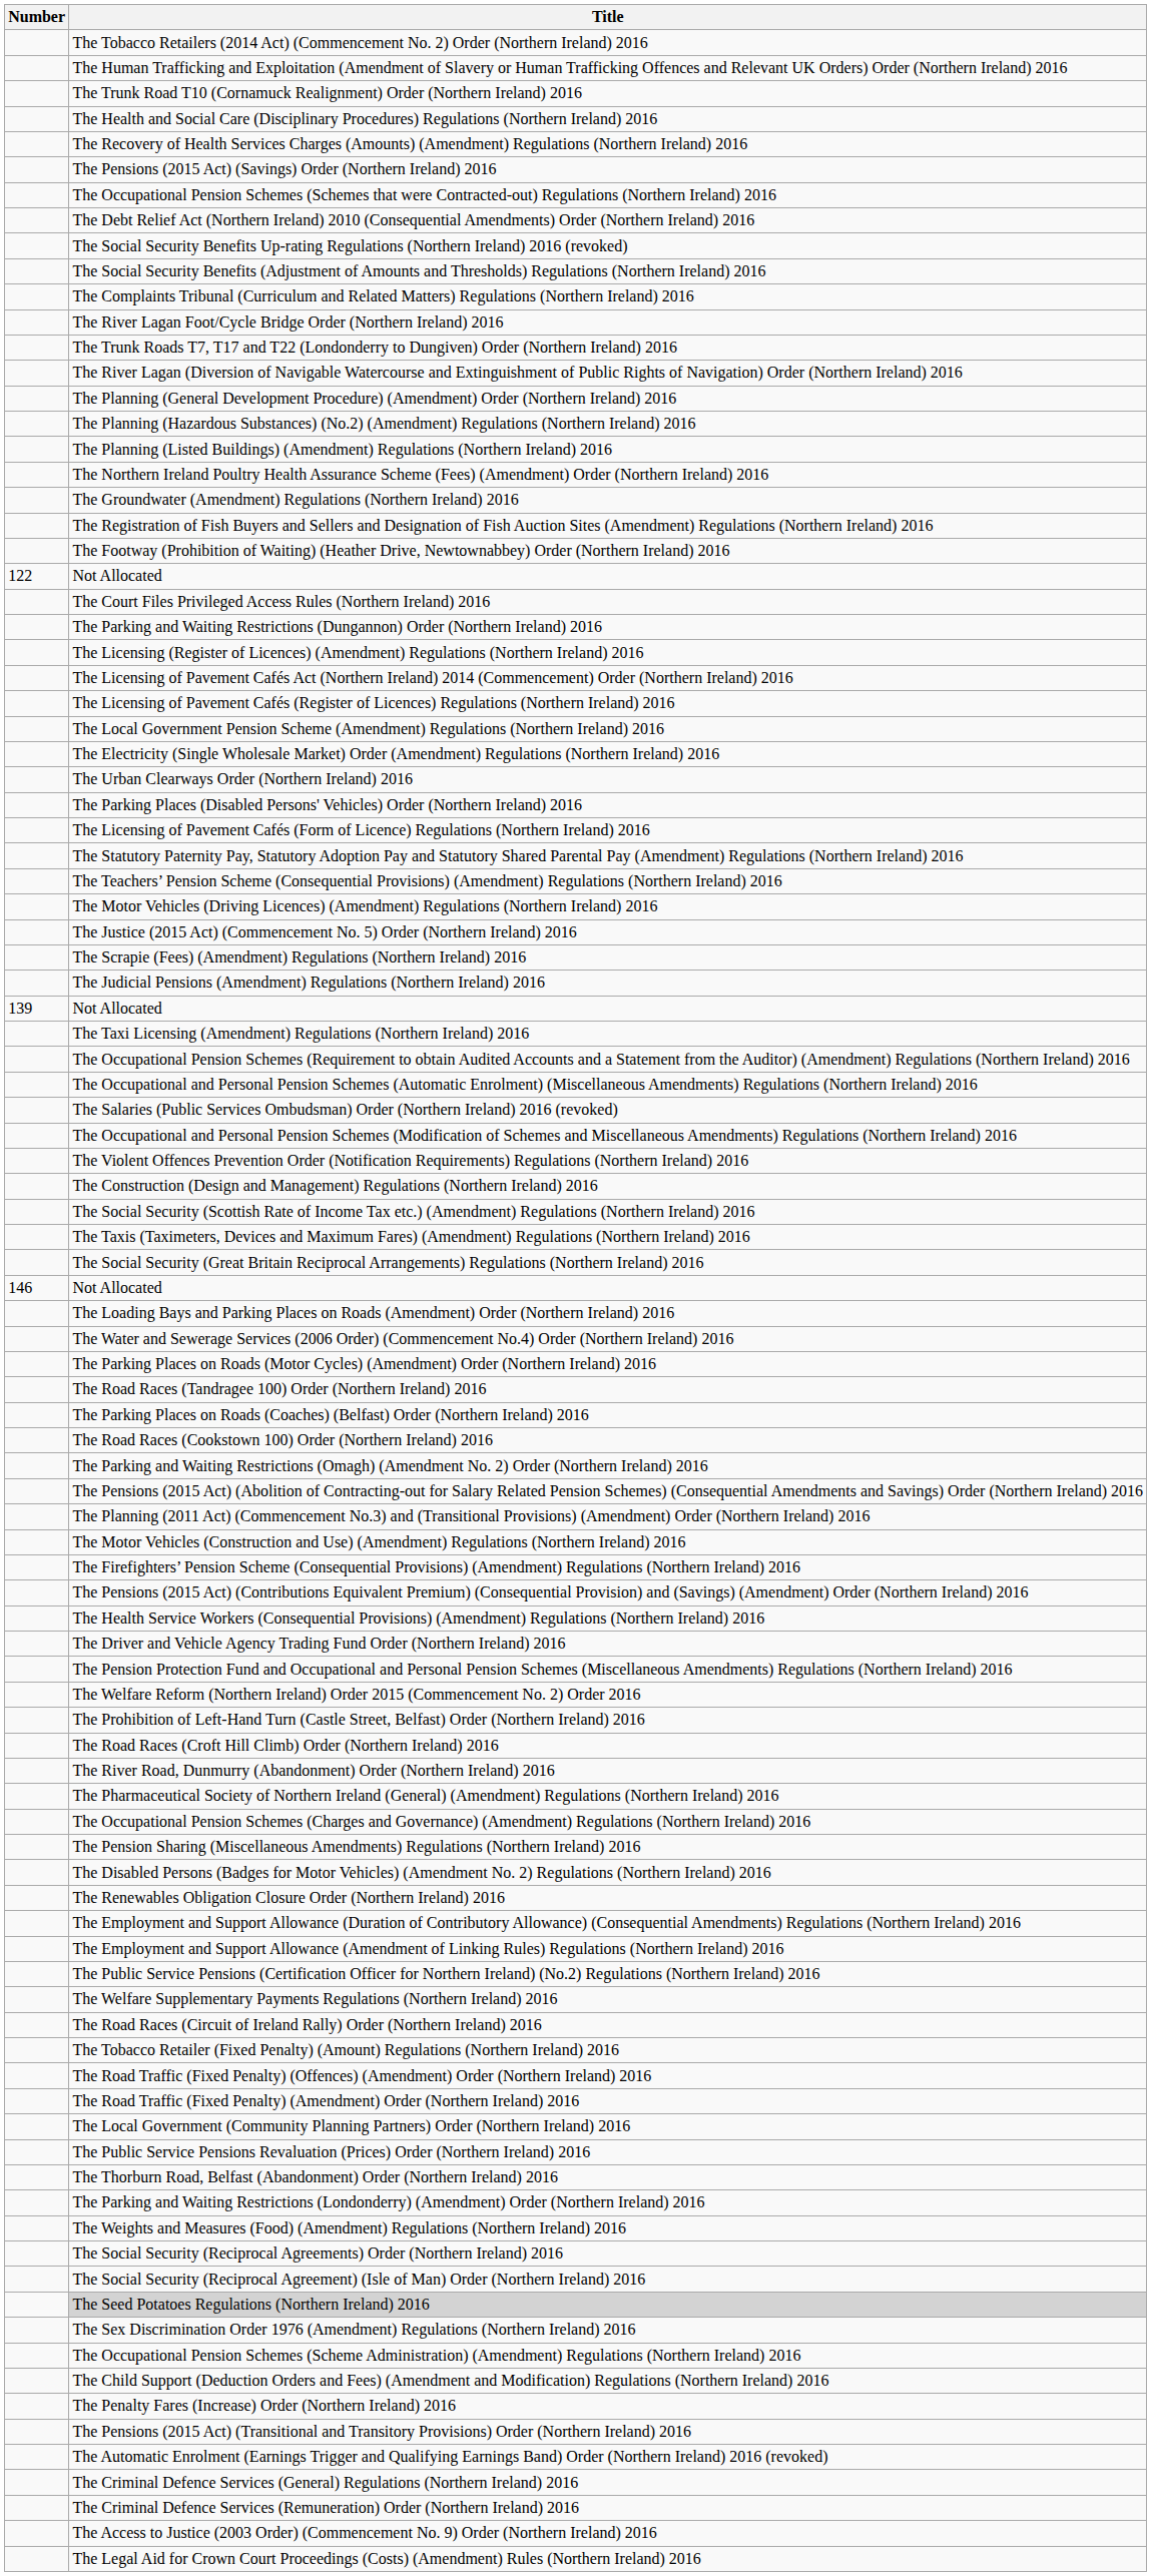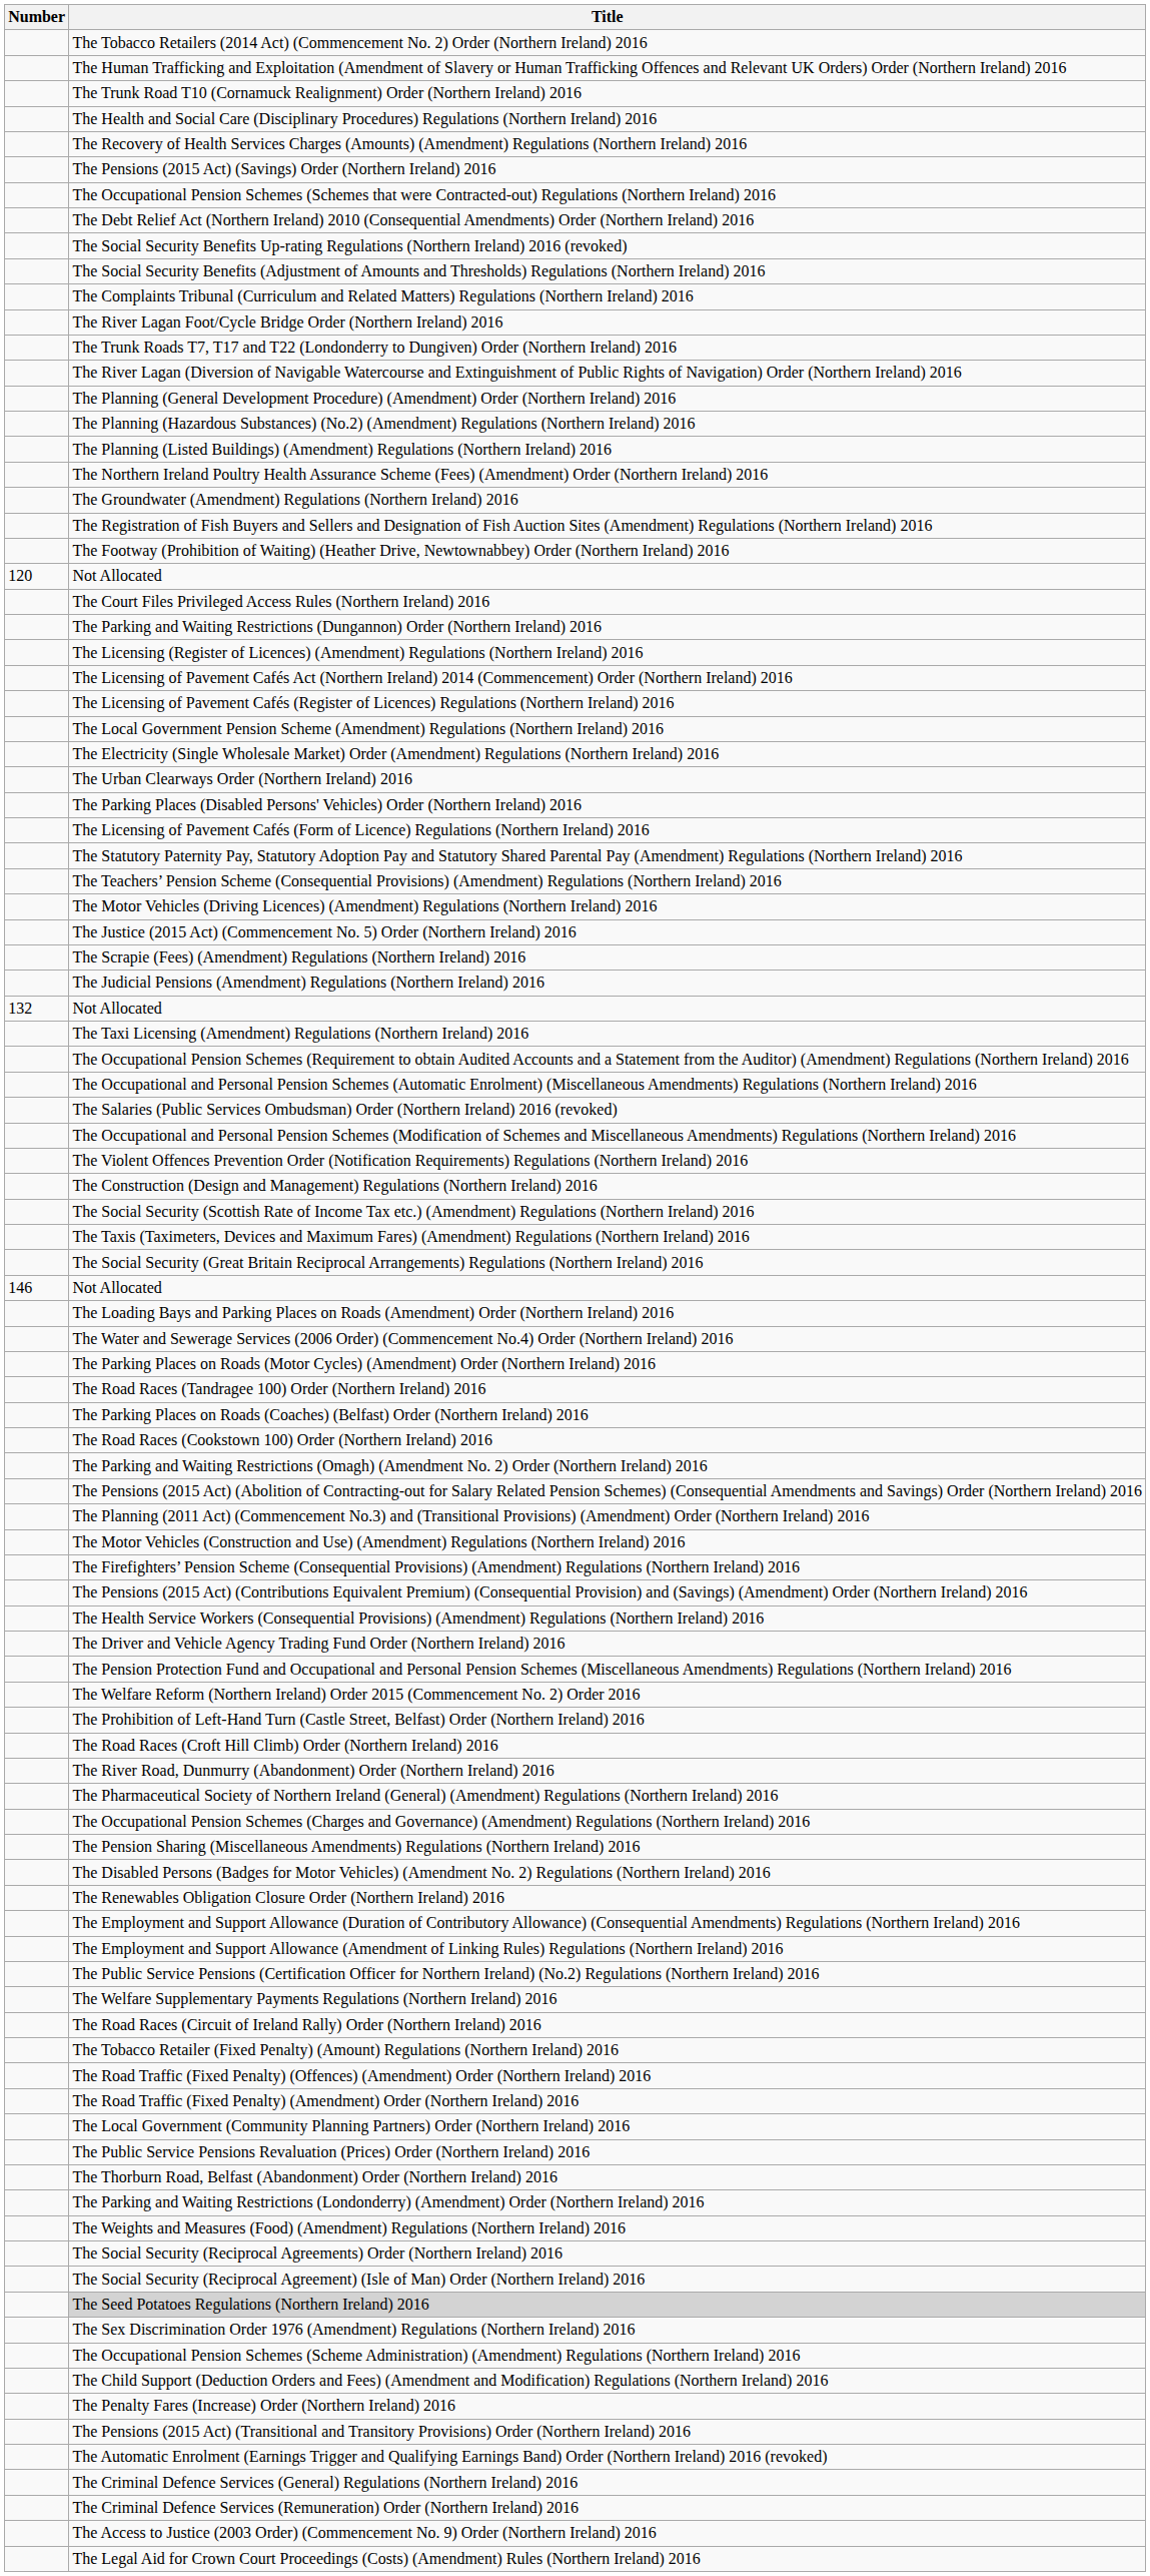 <table class="wikitable collapsible">
 <tr>
 <th>Number</th>
 <th>Title</th>
 </tr>
 <tr>
 <td></td>
 <td>The Tobacco Retailers (2014 Act) (Commencement No. 2) Order (Northern Ireland) 2016</td>
 </tr>
 <tr>
 <td></td>
 <td>The Human Trafficking and Exploitation (Amendment of Slavery or Human Trafficking Offences and Relevant UK Orders) Order (Northern Ireland) 2016</td>
 </tr>
 <tr>
 <td></td>
 <td>The Trunk Road T10 (Cornamuck Realignment) Order (Northern Ireland) 2016</td>
 </tr>
 <tr>
 <td></td>
 <td>The Health and Social Care (Disciplinary Procedures) Regulations (Northern Ireland) 2016</td>
 </tr>
 <tr>
 <td></td>
 <td>The Recovery of Health Services Charges (Amounts) (Amendment) Regulations (Northern Ireland) 2016</td>
 </tr>
 <tr>
 <td></td>
 <td>The Pensions (2015 Act) (Savings) Order (Northern Ireland) 2016</td>
 </tr>
 <tr>
 <td></td>
 <td>The Occupational Pension Schemes (Schemes that were Contracted-out) Regulations (Northern Ireland) 2016</td>
 </tr>
 <tr>
 <td></td>
 <td>The Debt Relief Act (Northern Ireland) 2010 (Consequential Amendments) Order (Northern Ireland) 2016</td>
 </tr>
 <tr>
 <td></td>
 <td>The Social Security Benefits Up-rating Regulations (Northern Ireland) 2016 (revoked)</td>
 </tr>
 <tr>
 <td></td>
 <td>The Social Security Benefits (Adjustment of Amounts and Thresholds) Regulations (Northern Ireland) 2016</td>
 </tr>
 <tr>
 <td></td>
 <td>The Complaints Tribunal (Curriculum and Related Matters) Regulations (Northern Ireland) 2016</td>
 </tr>
 <tr>
 <td></td>
 <td>The River Lagan Foot/Cycle Bridge Order (Northern Ireland) 2016</td>
 </tr>
 <tr>
 <td></td>
 <td>The Trunk Roads T7, T17 and T22 (Londonderry to Dungiven) Order (Northern Ireland) 2016</td>
 </tr>
 <tr>
 <td></td>
 <td>The River Lagan (Diversion of Navigable Watercourse and Extinguishment of Public Rights of Navigation) Order (Northern Ireland) 2016</td>
 </tr>
 <tr>
 <td></td>
 <td>The Planning (General Development Procedure) (Amendment) Order (Northern Ireland) 2016</td>
 </tr>
 <tr>
 <td></td>
 <td>The Planning (Hazardous Substances) (No.2) (Amendment) Regulations (Northern Ireland) 2016</td>
 </tr>
 <tr>
 <td></td>
 <td>The Planning (Listed Buildings) (Amendment) Regulations (Northern Ireland) 2016</td>
 </tr>
 <tr>
 <td></td>
 <td>The Northern Ireland Poultry Health Assurance Scheme (Fees) (Amendment) Order (Northern Ireland) 2016</td>
 </tr>
 <tr>
 <td></td>
 <td>The Groundwater (Amendment) Regulations (Northern Ireland) 2016</td>
 </tr>
 <tr>
 <td></td>
 <td>The Registration of Fish Buyers and Sellers and Designation of Fish Auction Sites (Amendment) Regulations (Northern Ireland) 2016</td>
 </tr>
 <tr>
 <td></td>
 <td>The Footway (Prohibition of Waiting) (Heather Drive, Newtownabbey) Order (Northern Ireland) 2016</td>
 </tr>
 <tr>
-<td>122</td>
+<td>120</td>
 <td>Not Allocated</td>
 </tr>
 <tr>
 <td></td>
 <td>The Court Files Privileged Access Rules (Northern Ireland) 2016</td>
 </tr>
 <tr>
 <td></td>
 <td>The Parking and Waiting Restrictions (Dungannon) Order (Northern Ireland) 2016</td>
 </tr>
 <tr>
 <td></td>
 <td>The Licensing (Register of Licences) (Amendment) Regulations (Northern Ireland) 2016</td>
 </tr>
 <tr>
 <td></td>
 <td>The Licensing of Pavement Cafés Act (Northern Ireland) 2014 (Commencement) Order (Northern Ireland) 2016</td>
 </tr>
 <tr>
 <td></td>
 <td>The Licensing of Pavement Cafés (Register of Licences) Regulations (Northern Ireland) 2016</td>
 </tr>
 <tr>
 <td></td>
 <td>The Local Government Pension Scheme (Amendment) Regulations (Northern Ireland) 2016</td>
 </tr>
 <tr>
 <td></td>
 <td>The Electricity (Single Wholesale Market) Order (Amendment) Regulations (Northern Ireland) 2016</td>
 </tr>
 <tr>
 <td></td>
 <td>The Urban Clearways Order (Northern Ireland) 2016</td>
 </tr>
 <tr>
 <td></td>
 <td>The Parking Places (Disabled Persons' Vehicles) Order (Northern Ireland) 2016</td>
 </tr>
 <tr>
 <td></td>
 <td>The Licensing of Pavement Cafés (Form of Licence) Regulations (Northern Ireland) 2016</td>
 </tr>
 <tr>
 <td></td>
 <td>The Statutory Paternity Pay, Statutory Adoption Pay and Statutory Shared Parental Pay (Amendment) Regulations (Northern Ireland) 2016</td>
 </tr>
 <tr>
 <td></td>
 <td>The Teachers’ Pension Scheme (Consequential Provisions) (Amendment) Regulations (Northern Ireland) 2016</td>
 </tr>
 <tr>
 <td></td>
 <td>The Motor Vehicles (Driving Licences) (Amendment) Regulations (Northern Ireland) 2016</td>
 </tr>
 <tr>
 <td></td>
 <td>The Justice (2015 Act) (Commencement No. 5) Order (Northern Ireland) 2016</td>
 </tr>
 <tr>
 <td></td>
 <td>The Scrapie (Fees) (Amendment) Regulations (Northern Ireland) 2016</td>
 </tr>
 <tr>
 <td></td>
 <td>The Judicial Pensions (Amendment) Regulations (Northern Ireland) 2016</td>
 </tr>
 <tr>
-<td>139</td>
+<td>132</td>
 <td>Not Allocated</td>
 </tr>
 <tr>
 <td></td>
 <td>The Taxi Licensing (Amendment) Regulations (Northern Ireland) 2016</td>
 </tr>
 <tr>
 <td></td>
 <td>The Occupational Pension Schemes (Requirement to obtain Audited Accounts and a Statement from the Auditor) (Amendment) Regulations (Northern Ireland) 2016</td>
 </tr>
 <tr>
 <td></td>
 <td>The Occupational and Personal Pension Schemes (Automatic Enrolment) (Miscellaneous Amendments) Regulations (Northern Ireland) 2016</td>
 </tr>
 <tr>
 <td></td>
 <td>The Salaries (Public Services Ombudsman) Order (Northern Ireland) 2016 (revoked)</td>
 </tr>
 <tr>
 <td></td>
 <td>The Occupational and Personal Pension Schemes (Modification of Schemes and Miscellaneous Amendments) Regulations (Northern Ireland) 2016</td>
 </tr>
 <tr>
 <td></td>
 <td>The Violent Offences Prevention Order (Notification Requirements) Regulations (Northern Ireland) 2016</td>
 </tr>
 <tr>
 <td></td>
 <td>The Construction (Design and Management) Regulations (Northern Ireland) 2016</td>
 </tr>
 <tr>
 <td></td>
 <td>The Social Security (Scottish Rate of Income Tax etc.) (Amendment) Regulations (Northern Ireland) 2016</td>
 </tr>
 <tr>
 <td></td>
 <td>The Taxis (Taximeters, Devices and Maximum Fares) (Amendment) Regulations (Northern Ireland) 2016</td>
 </tr>
 <tr>
 <td></td>
 <td>The Social Security (Great Britain Reciprocal Arrangements) Regulations (Northern Ireland) 2016</td>
 </tr>
 <tr>
 <td>146</td>
 <td>Not Allocated</td>
 </tr>
 <tr>
 <td></td>
 <td>The Loading Bays and Parking Places on Roads (Amendment) Order (Northern Ireland) 2016</td>
 </tr>
 <tr>
 <td></td>
 <td>The Water and Sewerage Services (2006 Order) (Commencement No.4) Order (Northern Ireland) 2016</td>
 </tr>
 <tr>
 <td></td>
 <td>The Parking Places on Roads (Motor Cycles) (Amendment) Order (Northern Ireland) 2016</td>
 </tr>
 <tr>
 <td></td>
 <td>The Road Races (Tandragee 100) Order (Northern Ireland) 2016</td>
 </tr>
 <tr>
 <td></td>
 <td>The Parking Places on Roads (Coaches) (Belfast) Order (Northern Ireland) 2016</td>
 </tr>
 <tr>
 <td></td>
 <td>The Road Races (Cookstown 100) Order (Northern Ireland) 2016</td>
 </tr>
 <tr>
 <td></td>
 <td>The Parking and Waiting Restrictions (Omagh) (Amendment No. 2) Order (Northern Ireland) 2016</td>
 </tr>
 <tr>
 <td></td>
 <td>The Pensions (2015 Act) (Abolition of Contracting-out for Salary Related Pension Schemes) (Consequential Amendments and Savings) Order (Northern Ireland) 2016</td>
 </tr>
 <tr>
 <td></td>
 <td>The Planning (2011 Act) (Commencement No.3) and (Transitional Provisions) (Amendment) Order (Northern Ireland) 2016</td>
 </tr>
 <tr>
 <td></td>
 <td>The Motor Vehicles (Construction and Use) (Amendment) Regulations (Northern Ireland) 2016</td>
 </tr>
 <tr>
 <td></td>
 <td>The Firefighters’ Pension Scheme (Consequential Provisions) (Amendment) Regulations (Northern Ireland) 2016</td>
 </tr>
 <tr>
 <td></td>
 <td>The Pensions (2015 Act) (Contributions Equivalent Premium) (Consequential Provision) and (Savings) (Amendment) Order (Northern Ireland) 2016</td>
 </tr>
 <tr>
 <td></td>
 <td>The Health Service Workers (Consequential Provisions) (Amendment) Regulations (Northern Ireland) 2016</td>
 </tr>
 <tr>
 <td></td>
 <td>The Driver and Vehicle Agency Trading Fund Order (Northern Ireland) 2016</td>
 </tr>
 <tr>
 <td></td>
 <td>The Pension Protection Fund and Occupational and Personal Pension Schemes (Miscellaneous Amendments) Regulations (Northern Ireland) 2016</td>
 </tr>
 <tr>
 <td></td>
 <td>The Welfare Reform (Northern Ireland) Order 2015 (Commencement No. 2) Order 2016</td>
 </tr>
 <tr>
 <td></td>
 <td>The Prohibition of Left-Hand Turn (Castle Street, Belfast) Order (Northern Ireland) 2016</td>
 </tr>
 <tr>
 <td></td>
 <td>The Road Races (Croft Hill Climb) Order (Northern Ireland) 2016</td>
 </tr>
 <tr>
 <td></td>
 <td>The River Road, Dunmurry (Abandonment) Order (Northern Ireland) 2016</td>
 </tr>
 <tr>
 <td></td>
 <td>The Pharmaceutical Society of Northern Ireland (General) (Amendment) Regulations (Northern Ireland) 2016</td>
 </tr>
 <tr>
 <td></td>
 <td>The Occupational Pension Schemes (Charges and Governance) (Amendment) Regulations (Northern Ireland) 2016</td>
 </tr>
 <tr>
 <td></td>
 <td>The Pension Sharing (Miscellaneous Amendments) Regulations (Northern Ireland) 2016</td>
 </tr>
 <tr>
 <td></td>
 <td>The Disabled Persons (Badges for Motor Vehicles) (Amendment No. 2) Regulations (Northern Ireland) 2016</td>
 </tr>
 <tr>
 <td></td>
 <td>The Renewables Obligation Closure Order (Northern Ireland) 2016</td>
 </tr>
 <tr>
 <td></td>
 <td>The Employment and Support Allowance (Duration of Contributory Allowance) (Consequential Amendments) Regulations (Northern Ireland) 2016</td>
 </tr>
 <tr>
 <td></td>
 <td>The Employment and Support Allowance (Amendment of Linking Rules) Regulations (Northern Ireland) 2016</td>
 </tr>
 <tr>
 <td></td>
 <td>The Public Service Pensions (Certification Officer for Northern Ireland) (No.2) Regulations (Northern Ireland) 2016</td>
 </tr>
 <tr>
 <td></td>
 <td>The Welfare Supplementary Payments Regulations (Northern Ireland) 2016</td>
 </tr>
 <tr>
 <td></td>
 <td>The Road Races (Circuit of Ireland Rally) Order (Northern Ireland) 2016</td>
 </tr>
 <tr>
 <td></td>
 <td>The Tobacco Retailer (Fixed Penalty) (Amount) Regulations (Northern Ireland) 2016</td>
 </tr>
 <tr>
 <td></td>
 <td>The Road Traffic (Fixed Penalty) (Offences) (Amendment) Order (Northern Ireland) 2016</td>
 </tr>
 <tr>
 <td></td>
 <td>The Road Traffic (Fixed Penalty) (Amendment) Order (Northern Ireland) 2016</td>
 </tr>
 <tr>
 <td></td>
 <td>The Local Government (Community Planning Partners) Order (Northern Ireland) 2016</td>
 </tr>
 <tr>
 <td></td>
 <td>The Public Service Pensions Revaluation (Prices) Order (Northern Ireland) 2016</td>
 </tr>
 <tr>
 <td></td>
 <td>The Thorburn Road, Belfast (Abandonment) Order (Northern Ireland) 2016</td>
 </tr>
 <tr>
 <td></td>
 <td>The Parking and Waiting Restrictions (Londonderry) (Amendment) Order (Northern Ireland) 2016</td>
 </tr>
 <tr>
 <td></td>
 <td>The Weights and Measures (Food) (Amendment) Regulations (Northern Ireland) 2016</td>
 </tr>
 <tr>
 <td></td>
 <td>The Social Security (Reciprocal Agreements) Order (Northern Ireland) 2016</td>
 </tr>
 <tr>
 <td></td>
 <td>The Social Security (Reciprocal Agreement) (Isle of Man) Order (Northern Ireland) 2016</td>
 </tr>
 <tr>
 <td></td>
 <td style="background: lightgrey;">The Seed Potatoes Regulations (Northern Ireland) 2016</td>
 </tr>
 <tr>
 <td></td>
 <td>The Sex Discrimination Order 1976 (Amendment) Regulations (Northern Ireland) 2016</td>
 </tr>
 <tr>
 <td></td>
 <td>The Occupational Pension Schemes (Scheme Administration) (Amendment) Regulations (Northern Ireland) 2016</td>
 </tr>
 <tr>
 <td></td>
 <td>The Child Support (Deduction Orders and Fees) (Amendment and Modification) Regulations (Northern Ireland) 2016</td>
 </tr>
 <tr>
 <td></td>
 <td>The Penalty Fares (Increase) Order (Northern Ireland) 2016</td>
 </tr>
 <tr>
 <td></td>
 <td>The Pensions (2015 Act) (Transitional and Transitory Provisions) Order (Northern Ireland) 2016</td>
 </tr>
 <tr>
 <td></td>
 <td>The Automatic Enrolment (Earnings Trigger and Qualifying Earnings Band) Order (Northern Ireland) 2016 (revoked)</td>
 </tr>
 <tr>
 <td></td>
 <td>The Criminal Defence Services (General) Regulations (Northern Ireland) 2016</td>
 </tr>
 <tr>
 <td></td>
 <td>The Criminal Defence Services (Remuneration) Order (Northern Ireland) 2016</td>
 </tr>
 <tr>
 <td></td>
 <td>The Access to Justice (2003 Order) (Commencement No. 9) Order (Northern Ireland) 2016</td>
 </tr>
 <tr>
 <td></td>
 <td>The Legal Aid for Crown Court Proceedings (Costs) (Amendment) Rules (Northern Ireland) 2016</td>
 </tr>
 </table>
